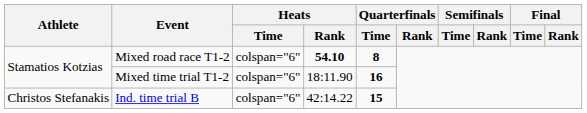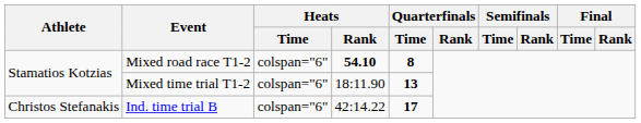 <table class=wikitable>
 <tr>
 <th rowspan="2">Athlete</th>
 <th rowspan="2">Event</th>
 <th colspan="2">Heats</th>
 <th colspan="2">Quarterfinals</th>
 <th colspan="2">Semifinals</th>
 <th colspan="2">Final</th>
 </tr>
 <tr>
 <th>Time</th>
 <th>Rank</th>
 <th>Time</th>
 <th>Rank</th>
 <th>Time</th>
 <th>Rank</th>
 <th>Time</th>
 <th>Rank</th>
 </tr>
 <tr>
 <td rowspan=2>Stamatios Kotzias</td>
 <td>Mixed road race T1-2</td>
 <td>colspan="6" </td>
 <td align="center"><strong>54.10</strong></td>
 <td align="center"><strong>8</strong></td>
 </tr>
 <tr>
 <td>Mixed time trial T1-2</td>
 <td>colspan="6" </td>
 <td align="center">18:11.90</td>
-<td align="center"><strong>16</strong></td>
+<td align="center"><strong>13</strong></td>
 </tr>
 <tr>
 <td>Christos Stefanakis</td>
 <td><a href='#'>Ind. time trial B</a></td>
 <td>colspan="6" </td>
 <td align="center">42:14.22</td>
-<td align="center"><strong>15</strong></td>
+<td align="center"><strong>17</strong></td>
 </tr>
 </table>
